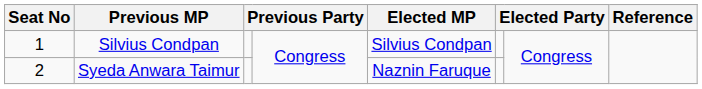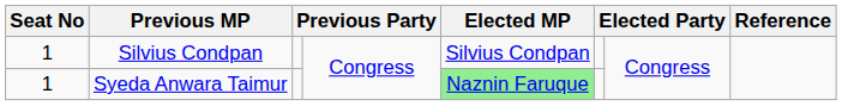 <table class="wikitable">
 <tr>
 <th>Seat No</th>
 <th>Previous MP</th>
 <th colspan=2>Previous Party</th>
 <th>Elected MP</th>
 <th colspan=2>Elected Party</th>
 <th>Reference</th>
 </tr>
 <tr style="text-align:center;">
 <td>1</td>
 <td><a href='#'>Silvius Condpan</a></td>
 <td width="1px"></td>
 <td rowspan="2"><a href='#'>Congress</a></td>
 <td><a href='#'>Silvius Condpan</a></td>
 <td width="1px"></td>
 <td rowspan="2"><a href='#'>Congress</a></td>
 <td rowspan=2></td>
 </tr>
 <tr style="text-align:center;">
-<td>2</td>
+<td>1</td>
 <td><a href='#'>Syeda Anwara Taimur</a></td>
 <td width="1px"></td>
-<td><a href='#'>Naznin Faruque</a></td>
+<td style="background: lightgreen;"><a href='#'>Naznin Faruque</a></td>
 <td width="1px"></td>
 </tr>
 </table>
